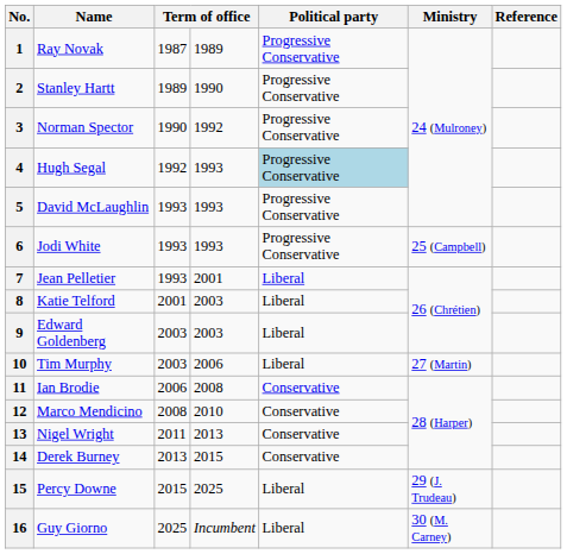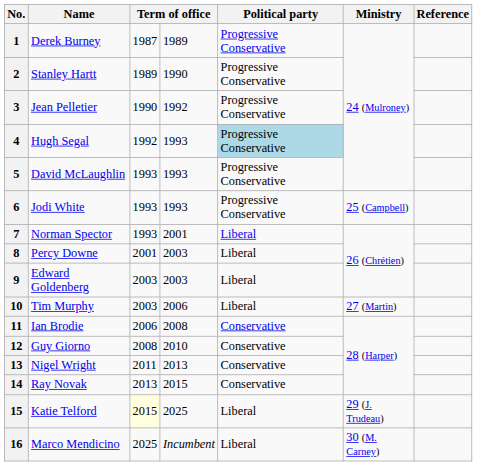 <table class="wikitable">
 <tr>
 <th>No.</th>
 <th>Name</th>
 <th colspan=2>Term of office</th>
 <th>Political party</th>
 <th>Ministry</th>
 <th>Reference</th>
 </tr>
 <tr>
 <th style="background:">1</th>
-<td><a href='#'>Ray Novak</a></td>
+<td><a href='#'>Derek Burney</a></td>
 <td>1987</td>
 <td>1989</td>
 <td><a href='#'>Progressive Conservative</a></td>
 <td rowspan=5><a href='#'>24</a> <small>(<a href='#'>Mulroney</a>)</small></td>
 <td></td>
 </tr>
 <tr>
 <th style="background:">2</th>
 <td><a href='#'>Stanley Hartt</a></td>
 <td>1989</td>
 <td>1990</td>
 <td>Progressive Conservative</td>
 <td></td>
 </tr>
 <tr>
 <th style="background:">3</th>
-<td><a href='#'>Norman Spector</a></td>
+<td><a href='#'>Jean Pelletier</a></td>
 <td>1990</td>
 <td>1992</td>
 <td>Progressive Conservative</td>
 <td></td>
 </tr>
 <tr>
 <th style="background:">4</th>
 <td><a href='#'>Hugh Segal</a></td>
 <td>1992</td>
 <td>1993</td>
 <td style="background: lightblue;">Progressive Conservative</td>
 <td></td>
 </tr>
 <tr>
 <th style="background:">5</th>
 <td><a href='#'>David McLaughlin</a></td>
 <td>1993</td>
 <td>1993</td>
 <td>Progressive Conservative</td>
 <td></td>
 </tr>
 <tr>
 <th rowspan=1 style="background:">6</th>
 <td rowspan=1><a href='#'>Jodi White</a></td>
 <td>1993</td>
 <td>1993</td>
 <td rowspan=1>Progressive Conservative</td>
 <td><a href='#'>25</a> <small>(<a href='#'>Campbell</a>)</small></td>
 <td></td>
 </tr>
 <tr>
 <th style="background:">7</th>
-<td><a href='#'>Jean Pelletier</a></td>
+<td><a href='#'>Norman Spector</a></td>
 <td>1993</td>
 <td>2001</td>
 <td><a href='#'>Liberal</a></td>
 <td rowspan=3><a href='#'>26</a> <small>(<a href='#'>Chrétien</a>)</small></td>
 <td></td>
 </tr>
 <tr>
 <th style="background:">8</th>
-<td><a href='#'>Katie Telford</a></td>
+<td><a href='#'>Percy Downe</a></td>
 <td>2001</td>
 <td>2003</td>
 <td>Liberal</td>
 <td></td>
 </tr>
 <tr>
 <th style="background:">9</th>
 <td><a href='#'>Edward Goldenberg</a></td>
 <td>2003</td>
 <td>2003</td>
 <td>Liberal</td>
 <td></td>
 </tr>
 <tr>
 <th style="background:">10</th>
 <td><a href='#'>Tim Murphy</a></td>
 <td>2003</td>
 <td>2006</td>
 <td>Liberal</td>
 <td><a href='#'>27</a> <small>(<a href='#'>Martin</a>)</small></td>
 <td></td>
 </tr>
 <tr>
 <th style="background:">11</th>
 <td><a href='#'>Ian Brodie</a></td>
 <td>2006</td>
 <td>2008</td>
 <td><a href='#'>Conservative</a></td>
 <td rowspan=4><a href='#'>28</a> <small>(<a href='#'>Harper</a>)</small></td>
 <td></td>
 </tr>
 <tr>
 <th style="background:">12</th>
-<td><a href='#'>Marco Mendicino</a></td>
+<td><a href='#'>Guy Giorno</a></td>
 <td>2008</td>
 <td>2010</td>
 <td>Conservative</td>
 <td></td>
 </tr>
 <tr>
 <th style="background:">13</th>
 <td><a href='#'>Nigel Wright</a></td>
 <td>2011</td>
 <td>2013</td>
 <td>Conservative</td>
 <td></td>
 </tr>
 <tr>
 <th style="background:">14</th>
-<td><a href='#'>Derek Burney</a></td>
+<td><a href='#'>Ray Novak</a></td>
 <td>2013</td>
 <td>2015</td>
 <td>Conservative</td>
 <td></td>
 </tr>
 <tr>
 <th style="background:">15</th>
-<td><a href='#'>Percy Downe</a></td>
-<td>2015</td>
+<td><a href='#'>Katie Telford</a></td>
+<td style="background: lightyellow;">2015</td>
 <td>2025</td>
 <td>Liberal</td>
 <td><a href='#'>29</a> <small>(<a href='#'>J. Trudeau</a>)</small></td>
 <td></td>
 </tr>
 <tr>
 <th style="background:">16</th>
-<td><a href='#'>Guy Giorno</a></td>
+<td><a href='#'>Marco Mendicino</a></td>
 <td>2025</td>
 <td><em>Incumbent</em></td>
 <td>Liberal</td>
 <td><a href='#'>30</a> <small>(<a href='#'>M. Carney</a>)</small></td>
 <td></td>
 </tr>
 </table>
